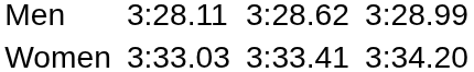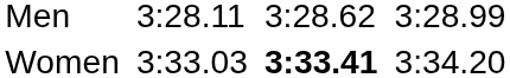 <table>
 <tr>
 <td>Men<br></td>
 <td></td>
 <td>3:28.11</td>
 <td></td>
 <td>3:28.62</td>
 <td></td>
 <td>3:28.99</td>
 </tr>
 <tr>
 <td>Women<br></td>
 <td></td>
 <td>3:33.03</td>
 <td></td>
-<td>3:33.41</td>
+<td><strong>3:33.41</strong></td>
 <td></td>
 <td>3:34.20</td>
 </tr>
 </table>
